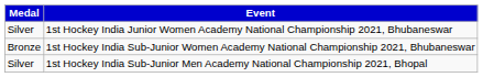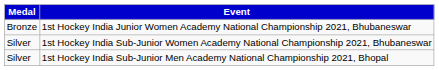 <table class="wikitable" style="font-size:85%;">
 <tr>
 <th style="background:mediumblue; color:white;">Medal</th>
 <th style="background:mediumblue; color:white;">Event</th>
 </tr>
 <tr>
-<td>Silver</td>
+<td>Bronze</td>
 <td>1st Hockey India Junior Women Academy National Championship 2021, Bhubaneswar </td>
 </tr>
 <tr>
-<td>Bronze</td>
+<td>Silver</td>
 <td>1st Hockey India Sub-Junior Women Academy National Championship 2021, Bhubaneswar </td>
 </tr>
 <tr>
 <td>Silver</td>
 <td>1st Hockey India Sub-Junior Men Academy National Championship 2021, Bhopal </td>
 </tr>
 </table>
